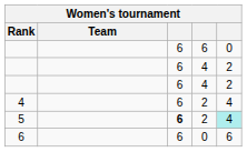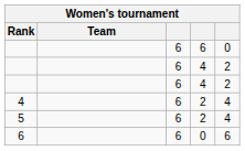 <table class="wikitable" style="text-align: center; font-size:90% ">
 <tr>
 <th colspan=9>Women's tournament</th>
 </tr>
 <tr>
 <th width=35>Rank</th>
 <th width=160>Team</th>
 <th width=25></th>
 <th width=25></th>
 <th width=25></th>
 </tr>
 <tr>
 <td></td>
 <td align=left></td>
 <td>6</td>
 <td>6</td>
 <td>0</td>
 </tr>
 <tr>
 <td></td>
 <td align=left></td>
 <td>6</td>
 <td>4</td>
 <td>2</td>
 </tr>
 <tr>
 <td></td>
 <td align=left></td>
 <td>6</td>
 <td>4</td>
 <td>2</td>
 </tr>
 <tr>
 <td>4</td>
 <td align=left></td>
 <td>6</td>
 <td>2</td>
 <td>4</td>
 </tr>
 <tr>
 <td>5</td>
 <td align=left></td>
-<td><strong>6</strong></td>
+<td>6</td>
 <td>2</td>
-<td style="background: paleturquoise;">4</td>
+<td>4</td>
 </tr>
 <tr>
 <td>6</td>
 <td align=left></td>
 <td>6</td>
 <td>0</td>
 <td>6</td>
 </tr>
 </table>
